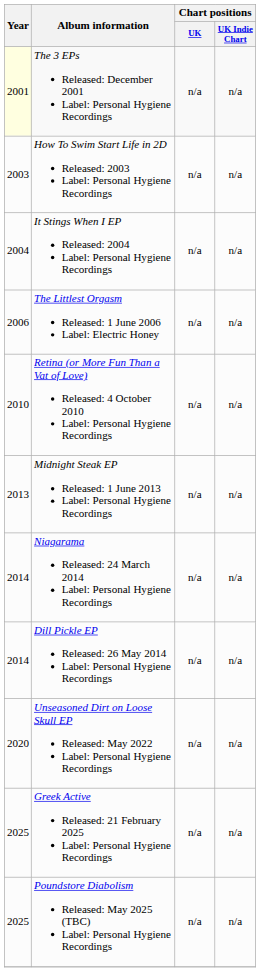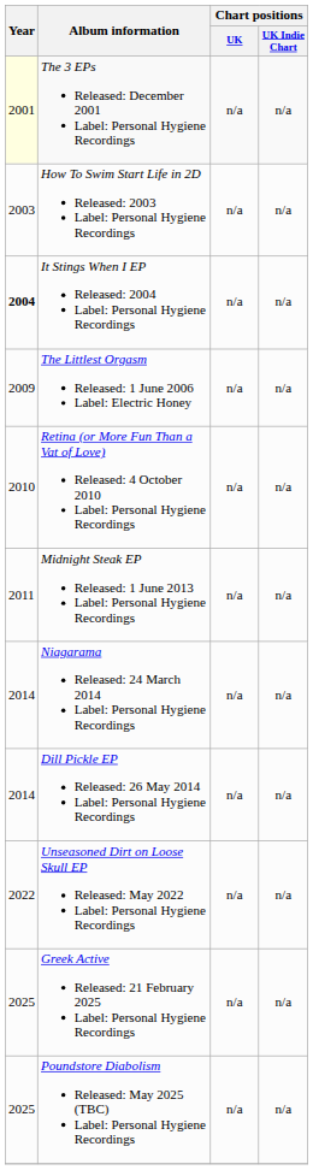 <table class="wikitable">
 <tr>
 <th rowspan="2">Year</th>
 <th rowspan="2" style="width:200px;">Album information</th>
 <th colspan="5" style="width:110px;">Chart positions</th>
 </tr>
 <tr>
 <th style="width:4em;font-size:80%"><a href='#'>UK</a></th>
 <th style="width:4em;font-size:80%"><a href='#'>UK Indie Chart</a></th>
 </tr>
 <tr>
 <td style="background: lightyellow;">2001</td>
 <td><em>The 3 EPs</em><br><ul><li>Released: December 2001</li><li>Label: Personal Hygiene Recordings</li></ul></td>
 <td style="text-align:center;">n/a</td>
 <td style="text-align:center;">n/a</td>
 </tr>
 <tr style="background:#fcfcfc;">
 <td>2003</td>
 <td><em>How To Swim Start Life in 2D</em><br><ul><li>Released: 2003</li><li>Label: Personal Hygiene Recordings</li></ul></td>
 <td style="text-align:center;">n/a</td>
 <td style="text-align:center;">n/a</td>
 </tr>
 <tr style="background:#fcfcfc;">
-<td>2004</td>
+<td><strong>2004</strong></td>
 <td><em>It Stings When I EP</em><br><ul><li>Released: 2004</li><li>Label: Personal Hygiene Recordings</li></ul></td>
 <td style="text-align:center;">n/a</td>
 <td style="text-align:center;">n/a</td>
 </tr>
 <tr style="background:#fcfcfc;">
-<td>2006</td>
+<td>2009</td>
 <td><em><a href='#'>The Littlest Orgasm</a></em><br><ul><li>Released: 1 June 2006</li><li>Label: Electric Honey</li></ul></td>
 <td style="text-align:center;">n/a</td>
 <td style="text-align:center;">n/a</td>
 </tr>
 <tr style="background:#fcfcfc;">
 <td>2010</td>
 <td><em><a href='#'>Retina (or More Fun Than a Vat of Love)</a></em><br><ul><li>Released: 4 October 2010</li><li>Label: Personal Hygiene Recordings</li></ul></td>
 <td style="text-align:center;">n/a</td>
 <td style="text-align:center;">n/a</td>
 </tr>
 <tr style="background:#fcfcfc;">
-<td>2013</td>
+<td>2011</td>
 <td><em>Midnight Steak EP</em><br><ul><li>Released: 1 June 2013</li><li>Label: Personal Hygiene Recordings</li></ul></td>
 <td style="text-align:center;">n/a</td>
 <td style="text-align:center;">n/a</td>
 </tr>
 <tr style="background:#fcfcfc;">
 <td>2014</td>
 <td><em><a href='#'>Niagarama</a></em><br><ul><li>Released: 24 March 2014</li><li>Label: Personal Hygiene Recordings</li></ul></td>
 <td style="text-align:center;">n/a</td>
 <td style="text-align:center;">n/a</td>
 </tr>
 <tr style="background:#fcfcfc;">
 <td>2014</td>
 <td><em><a href='#'>Dill Pickle EP</a></em><br><ul><li>Released: 26 May 2014</li><li>Label: Personal Hygiene Recordings</li></ul></td>
 <td style="text-align:center;">n/a</td>
 <td style="text-align:center;">n/a</td>
 </tr>
 <tr style="background:#fcfcfc;">
-<td>2020</td>
+<td>2022</td>
 <td><em><a href='#'>Unseasoned Dirt on Loose Skull EP</a></em><br><ul><li>Released: May 2022</li><li>Label: Personal Hygiene Recordings</li></ul></td>
 <td style="text-align:center;">n/a</td>
 <td style="text-align:center;">n/a</td>
 </tr>
 <tr style="background:#fcfcfc;">
 <td>2025</td>
 <td><em><a href='#'>Greek Active</a></em><br><ul><li>Released: 21 February 2025</li><li>Label: Personal Hygiene Recordings</li></ul></td>
 <td style="text-align:center;">n/a</td>
 <td style="text-align:center;">n/a</td>
 </tr>
 <tr style="background:#fcfcfc;">
 <td>2025</td>
 <td><em><a href='#'>Poundstore Diabolism</a></em><br><ul><li>Released: May 2025 (TBC)</li><li>Label: Personal Hygiene Recordings</li></ul></td>
 <td style="text-align:center;">n/a</td>
 <td style="text-align:center;">n/a</td>
 </tr>
 <tr style="background:#fcfcfc;">
 </tr>
 </table>
